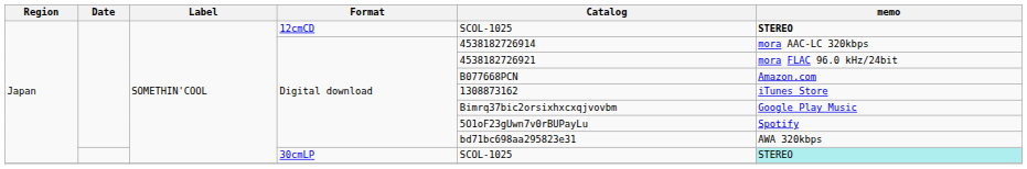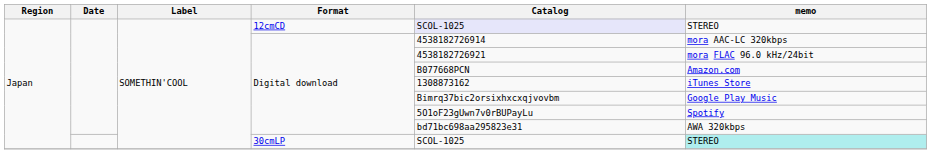 <table class="wikitable sortable" style="margin:0 auto; font-size:small; width:100%">
 <tr>
 <th>Region</th>
 <th>Date</th>
 <th>Label</th>
 <th>Format</th>
 <th>Catalog</th>
 <th>memo</th>
 </tr>
 <tr>
 <td rowspan="9">Japan</td>
 <td rowspan="8"></td>
 <td rowspan="9">SOMETHIN'COOL</td>
 <td><a href='#'>12cmCD</a></td>
-<td>SCOL-1025</td>
-<td><strong>STEREO</strong></td>
+<td style="background: lavender;">SCOL-1025</td>
+<td>STEREO</td>
 </tr>
 <tr>
 <td rowspan="7">Digital download</td>
 <td>4538182726914</td>
 <td><a href='#'>mora</a> AAC-LC 320kbps</td>
 </tr>
 <tr>
 <td>4538182726921</td>
 <td><a href='#'>mora</a> <a href='#'>FLAC</a> 96.0 kHz/24bit</td>
 </tr>
 <tr>
 <td>B077668PCN</td>
 <td><a href='#'>Amazon.com</a></td>
 </tr>
 <tr>
 <td>1308873162</td>
 <td><a href='#'>iTunes Store</a></td>
 </tr>
 <tr>
 <td>Bimrq37bic2orsixhxcxqjvovbm</td>
 <td><a href='#'>Google Play Music</a></td>
 </tr>
 <tr>
 <td>5O1oF23gUwn7v0rBUPayLu</td>
 <td><a href='#'>Spotify</a></td>
 </tr>
 <tr>
 <td>bd71bc698aa295823e31</td>
 <td>AWA 320kbps</td>
 </tr>
 <tr>
 <td></td>
 <td><a href='#'>30cmLP</a></td>
 <td>SCOL-1025</td>
 <td style="background: paleturquoise;">STEREO</td>
 </tr>
 <tr>
 </tr>
 </table>
